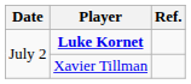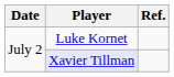 <table class="wikitable sortable sortable" style="text-align: center">
 <tr>
 <th>Date</th>
 <th>Player</th>
 <th>Ref.</th>
 </tr>
 <tr>
 <td rowspan=2>July 2</td>
-<td><strong><a href='#'>Luke Kornet</a></strong></td>
+<td><a href='#'>Luke Kornet</a></td>
 <td></td>
 </tr>
 <tr>
-<td><a href='#'>Xavier Tillman</a></td>
+<td style="background: lavender;"><a href='#'>Xavier Tillman</a></td>
 <td></td>
 </tr>
 </table>
